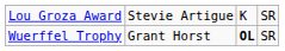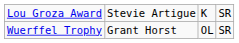 <table class="wikitable">
 <tr>
 <td><a href='#'>Lou Groza Award</a></td>
 <td>Stevie Artigue</td>
 <td>K</td>
 <td>SR</td>
 </tr>
 <tr>
 <td><a href='#'>Wuerffel Trophy</a></td>
 <td>Grant Horst</td>
-<td><strong>OL</strong></td>
+<td>OL</td>
 <td>SR</td>
 </tr>
 </table>
